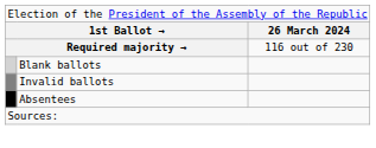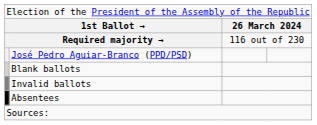 <table class="wikitable" style="text-align:center;">
 <tr>
 <td colspan="4" align="center">Election of the <a href='#'>President of the Assembly of the Republic</a></td>
 </tr>
 <tr>
 <th colspan="2" width="225px">1st Ballot →</th>
 <th colspan="2">26 March 2024</th>
 </tr>
 <tr>
 <th colspan="2">Required majority →</th>
 <td colspan="2">116 out of 230</td>
+</tr>
+<tr>
+<th width="1px" style="background:"></th>
+<td align="left"><a href='#'>José Pedro Aguiar-Branco</a> (<a href='#'>PPD/PSD</a>)</td>
+<td></td>
+<td></td>
 </tr>
 <tr>
 <th style="background:lightgray;"></th>
 <td align="left">Blank ballots</td>
 <td colspan="2"></td>
 </tr>
 <tr>
 <th style="background:gray;"></th>
 <td align="left">Invalid ballots</td>
 <td colspan="2"></td>
 </tr>
 <tr>
 <th style="background:black;"></th>
 <td align="left">Absentees</td>
 <td colspan="2"></td>
 </tr>
 <tr>
 <td align="left" colspan="4">Sources: </td>
 </tr>
 </table>
